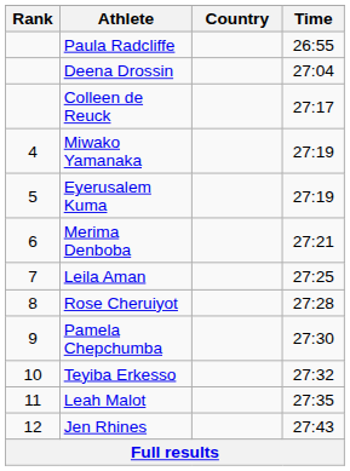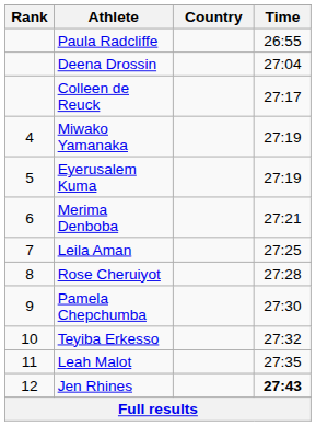 <table class="wikitable sortable" style=" text-align:center; font-size:95%;" width="50%">
 <tr>
 </tr>
 <tr>
 <th width=5%>Rank</th>
 <th width=20%>Athlete</th>
 <th width=15%>Country</th>
 <th width=10%>Time</th>
 </tr>
 <tr>
 <td align=center></td>
 <td align=left><a href='#'>Paula Radcliffe</a></td>
 <td align=left></td>
 <td>26:55</td>
 </tr>
 <tr>
 <td align=center></td>
 <td align=left><a href='#'>Deena Drossin</a></td>
 <td align=left></td>
 <td>27:04</td>
 </tr>
 <tr>
 <td align=center></td>
 <td align=left><a href='#'>Colleen de Reuck</a></td>
 <td align=left></td>
 <td>27:17</td>
 </tr>
 <tr>
 <td align=center>4</td>
 <td align=left><a href='#'>Miwako Yamanaka</a></td>
 <td align=left></td>
 <td>27:19</td>
 </tr>
 <tr>
 <td align=center>5</td>
 <td align=left><a href='#'>Eyerusalem Kuma</a></td>
 <td align=left></td>
 <td>27:19</td>
 </tr>
 <tr>
 <td align=center>6</td>
 <td align=left><a href='#'>Merima Denboba</a></td>
 <td align=left></td>
 <td>27:21</td>
 </tr>
 <tr>
 <td align=center>7</td>
 <td align=left><a href='#'>Leila Aman</a></td>
 <td align=left></td>
 <td>27:25</td>
 </tr>
 <tr>
 <td align=center>8</td>
 <td align=left><a href='#'>Rose Cheruiyot</a></td>
 <td align=left></td>
 <td>27:28</td>
 </tr>
 <tr>
 <td align=center>9</td>
 <td align=left><a href='#'>Pamela Chepchumba</a></td>
 <td align=left></td>
 <td>27:30</td>
 </tr>
 <tr>
 <td align=center>10</td>
 <td align=left><a href='#'>Teyiba Erkesso</a></td>
 <td align=left></td>
 <td>27:32</td>
 </tr>
 <tr>
 <td align=center>11</td>
 <td align=left><a href='#'>Leah Malot</a></td>
 <td align=left></td>
 <td>27:35</td>
 </tr>
 <tr>
 <td align=center>12</td>
 <td align=left><a href='#'>Jen Rhines</a></td>
 <td align=left></td>
-<td>27:43</td>
+<td><strong>27:43</strong></td>
 </tr>
 <tr class="sortbottom">
 <th colspan=4 align=center><a href='#'>Full results</a></th>
 </tr>
 </table>
